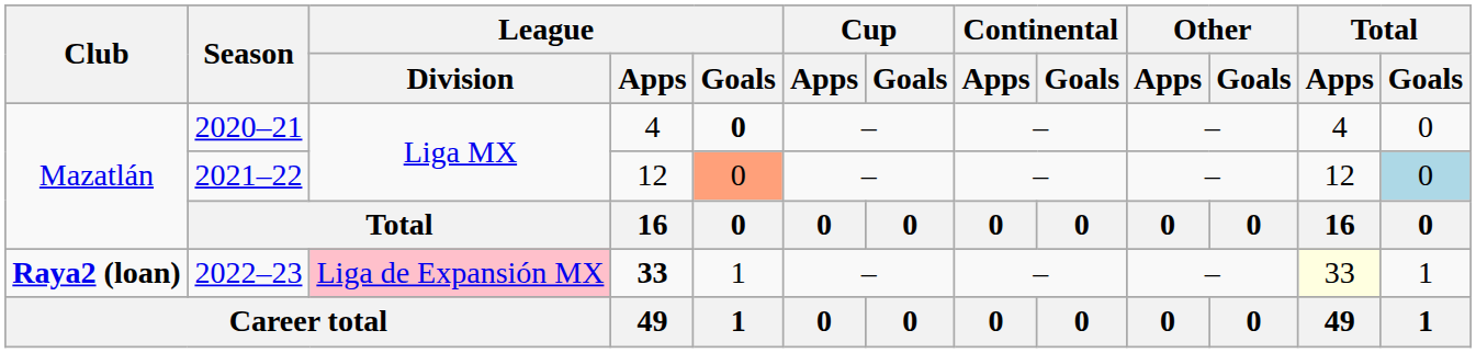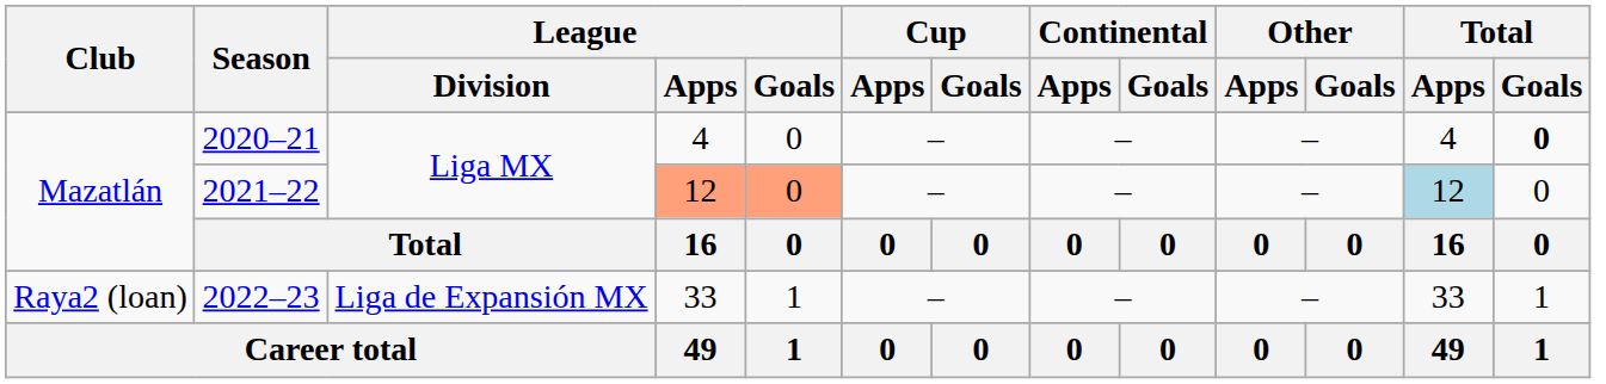 <table class="wikitable" style="text-align: center">
 <tr>
 <th rowspan="2">Club</th>
 <th rowspan="2">Season</th>
 <th colspan="3">League</th>
 <th colspan="2">Cup</th>
 <th colspan="2">Continental</th>
 <th colspan="2">Other</th>
 <th colspan="2">Total</th>
 </tr>
 <tr>
 <th>Division</th>
 <th>Apps</th>
 <th>Goals</th>
 <th>Apps</th>
 <th>Goals</th>
 <th>Apps</th>
 <th>Goals</th>
 <th>Apps</th>
 <th>Goals</th>
 <th>Apps</th>
 <th>Goals</th>
 </tr>
 <tr>
 <td rowspan="3"><a href='#'>Mazatlán</a></td>
 <td><a href='#'>2020–21</a></td>
 <td rowspan="2"><a href='#'>Liga MX</a></td>
 <td>4</td>
-<td><strong>0</strong></td>
+<td>0</td>
 <td colspan="2">–</td>
 <td colspan="2">–</td>
 <td colspan="2">–</td>
 <td>4</td>
-<td>0</td>
+<td><strong>0</strong></td>
 </tr>
 <tr>
 <td><a href='#'>2021–22</a></td>
-<td>12</td>
+<td style="background: lightsalmon;">12</td>
 <td style="background: lightsalmon;">0</td>
 <td colspan="2">–</td>
 <td colspan="2">–</td>
 <td colspan="2">–</td>
-<td>12</td>
-<td style="background: lightblue;">0</td>
+<td style="background: lightblue;">12</td>
+<td>0</td>
 </tr>
 <tr>
 <th colspan="2">Total</th>
 <th>16</th>
 <th>0</th>
 <th>0</th>
 <th>0</th>
 <th>0</th>
 <th>0</th>
 <th>0</th>
 <th>0</th>
 <th>16</th>
 <th>0</th>
 </tr>
 <tr>
-<td rowspan="1"><strong><a href='#'>Raya2</a> (loan)</strong></td>
+<td rowspan="1"><a href='#'>Raya2</a> (loan)</td>
 <td><a href='#'>2022–23</a></td>
-<td rowspan="1" style="background: pink;"><a href='#'>Liga de Expansión MX</a></td>
-<td><strong>33</strong></td>
+<td rowspan="1"><a href='#'>Liga de Expansión MX</a></td>
+<td>33</td>
 <td>1</td>
 <td colspan="2">–</td>
 <td colspan="2">–</td>
 <td colspan="2">–</td>
-<td style="background: lightyellow;">33</td>
+<td>33</td>
 <td>1</td>
 </tr>
 <tr>
 <th colspan=3>Career total</th>
 <th>49</th>
 <th>1</th>
 <th>0</th>
 <th>0</th>
 <th>0</th>
 <th>0</th>
 <th>0</th>
 <th>0</th>
 <th>49</th>
 <th>1</th>
 </tr>
 </table>
